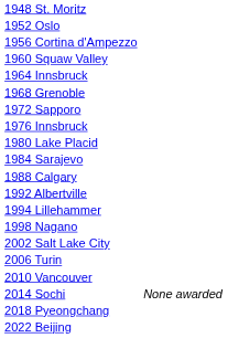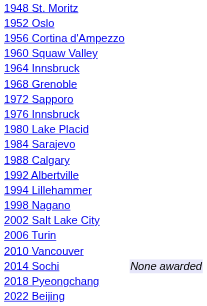 <table>
 <tr>
 <td><a href='#'>1948 St. Moritz</a><br></td>
 <td></td>
 <td></td>
 <td></td>
 </tr>
 <tr>
 <td><a href='#'>1952 Oslo</a><br></td>
 <td></td>
 <td></td>
 <td></td>
 </tr>
 <tr>
 <td><a href='#'>1956 Cortina d'Ampezzo</a><br></td>
 <td></td>
 <td></td>
 <td></td>
 </tr>
 <tr>
 <td><a href='#'>1960 Squaw Valley</a><br></td>
 <td></td>
 <td></td>
 <td></td>
 </tr>
 <tr>
 <td><a href='#'>1964 Innsbruck</a><br></td>
 <td></td>
 <td></td>
 <td></td>
 </tr>
 <tr>
 <td><a href='#'>1968 Grenoble</a><br></td>
 <td></td>
 <td></td>
 <td></td>
 </tr>
 <tr>
 <td><a href='#'>1972 Sapporo</a><br></td>
 <td></td>
 <td></td>
 <td></td>
 </tr>
 <tr>
 <td><a href='#'>1976 Innsbruck</a><br></td>
 <td></td>
 <td></td>
 <td></td>
 </tr>
 <tr>
 <td><a href='#'>1980 Lake Placid</a><br></td>
 <td></td>
 <td></td>
 <td></td>
 </tr>
 <tr>
 <td><a href='#'>1984 Sarajevo</a><br></td>
 <td></td>
 <td></td>
 <td></td>
 </tr>
 <tr>
 <td><a href='#'>1988 Calgary</a><br></td>
 <td></td>
 <td></td>
 <td></td>
 </tr>
 <tr>
 <td><a href='#'>1992 Albertville</a><br></td>
 <td></td>
 <td></td>
 <td></td>
 </tr>
 <tr>
 <td><a href='#'>1994 Lillehammer</a><br></td>
 <td></td>
 <td></td>
 <td></td>
 </tr>
 <tr>
 <td><a href='#'>1998 Nagano</a><br></td>
 <td></td>
 <td></td>
 <td></td>
 </tr>
 <tr>
 <td><a href='#'>2002 Salt Lake City</a><br></td>
 <td></td>
 <td></td>
 <td></td>
 </tr>
 <tr>
 <td><a href='#'>2006 Turin</a><br></td>
 <td></td>
 <td></td>
 <td></td>
 </tr>
 <tr>
 <td><a href='#'>2010 Vancouver</a><br></td>
 <td></td>
 <td></td>
 <td></td>
 </tr>
 <tr valign="top">
 <td><a href='#'>2014 Sochi</a><br></td>
 <td><br></td>
-<td colspan="1" align="center"><em>None awarded</em></td>
+<td colspan="1" align="center" style="background: lavender;"><em>None awarded</em></td>
 <td></td>
 </tr>
 <tr>
 <td><a href='#'>2018 Pyeongchang</a><br></td>
 <td></td>
 <td></td>
 <td></td>
 </tr>
 <tr>
 <td><a href='#'>2022 Beijing</a> <br></td>
 <td></td>
 <td></td>
 <td></td>
 </tr>
 <tr valign="top">
 </tr>
 </table>
